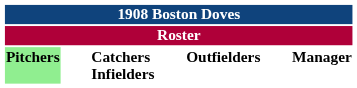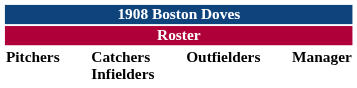 <table class="toccolours" style="font-size: 100%;">
 <tr>
 <th colspan="20" style="background:#0f437c; color:white; text-align:center;">1908 Boston Doves</th>
 </tr>
 <tr>
 <td colspan="20" style="background:#af0039; color:white; text-align:center;"><strong>Roster</strong></td>
 </tr>
 <tr>
-<td valign="top" style="background: lightgreen;"><strong>Pitchers</strong><br>            </td>
+<td valign="top"><strong>Pitchers</strong><br>            </td>
 <td style="width:25px;"></td>
 <td valign="top"><strong>Catchers</strong><br>    <strong>Infielders</strong>       </td>
 <td style="width:25px;"></td>
 <td valign="top"><strong>Outfielders</strong><br>     </td>
 <td style="width:25px;"></td>
 <td valign="top"><strong>Manager</strong><br></td>
 </tr>
 </table>
